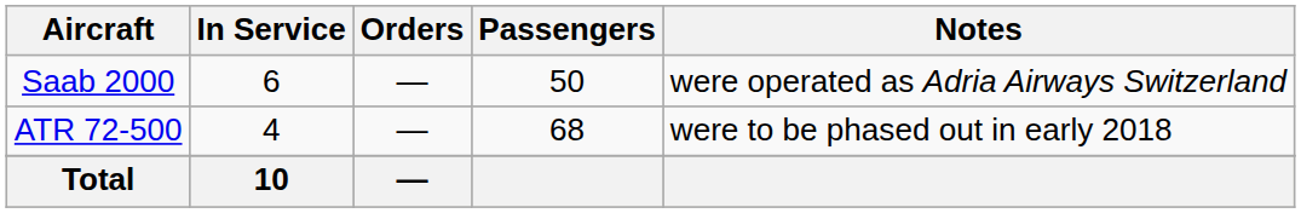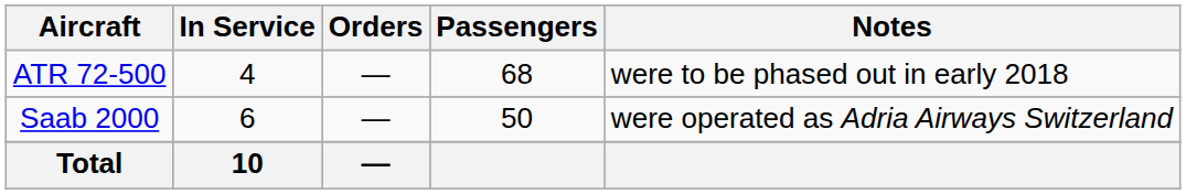 <table class="wikitable" style="margin:1em auto; white-space:nowrap; border-collapse:collapse">
 <tr>
 <th>Aircraft</th>
 <th>In Service</th>
 <th>Orders</th>
 <th>Passengers</th>
 <th>Notes</th>
 </tr>
 <tr>
+<td align="center"><a href='#'>ATR 72-500</a></td>
+<td align="center">4</td>
+<td align="center">—</td>
+<td align="center">68</td>
+<td>were to be phased out in early 2018</td>
+</tr>
+<tr>
 <td align="center"><a href='#'>Saab 2000</a></td>
 <td align="center">6</td>
 <td align="center">—</td>
 <td align="center">50</td>
 <td>were operated as <em>Adria Airways Switzerland</em></td>
-</tr>
-<tr>
-<td align="center"><a href='#'>ATR 72-500</a></td>
-<td align="center">4</td>
-<td align="center">—</td>
-<td align="center">68</td>
-<td>were to be phased out in early 2018</td>
 </tr>
 <tr>
 </tr>
 <tr bgcolor=beige>
 <th>Total</th>
 <th>10</th>
 <th>—</th>
 <th></th>
 <th></th>
 </tr>
 </table>
